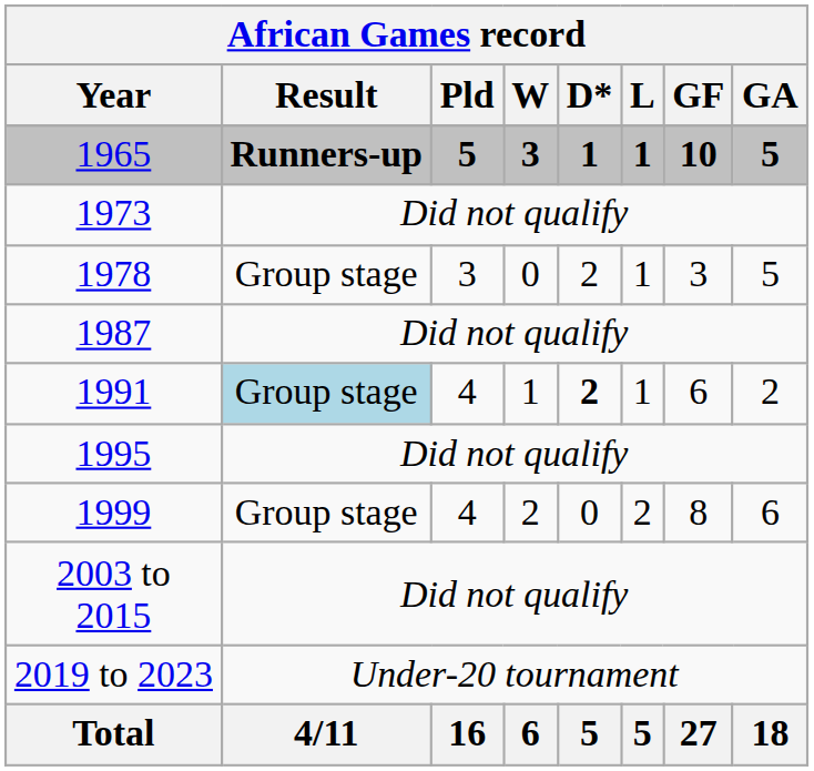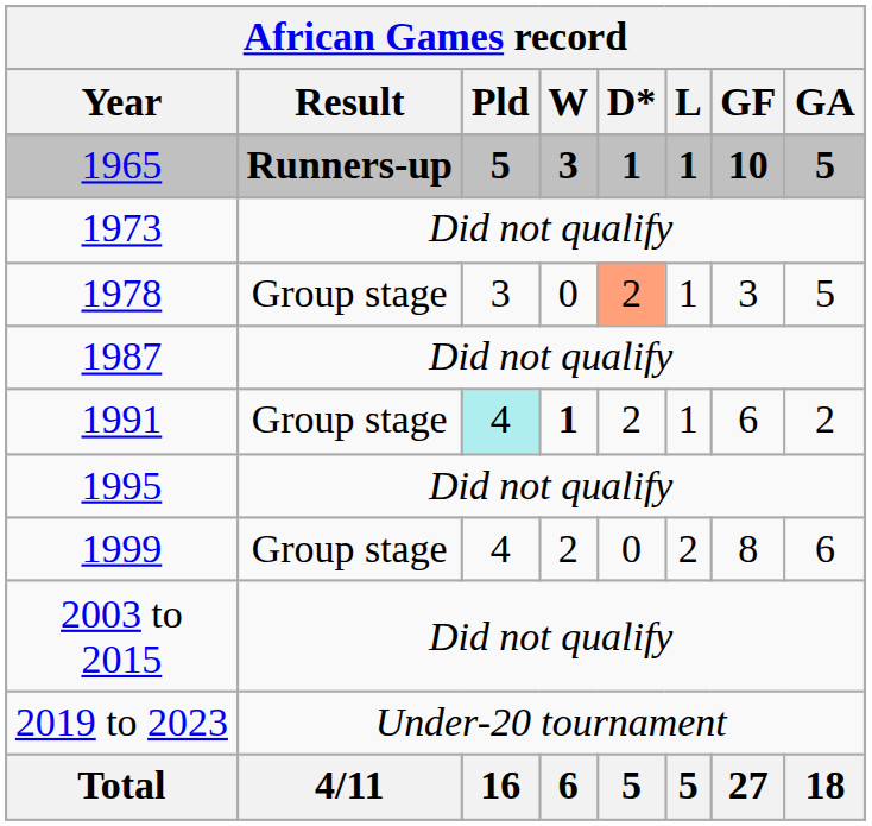 <table class="wikitable" style="text-align: center;">
 <tr>
 <th colspan=9><a href='#'>African Games</a> record</th>
 </tr>
 <tr>
 <th>Year</th>
 <th>Result</th>
 <th>Pld</th>
 <th>W</th>
 <th>D*</th>
 <th>L</th>
 <th>GF</th>
 <th>GA</th>
 </tr>
 <tr>
 </tr>
 <tr style="background:silver;">
 <td> <a href='#'>1965</a></td>
 <td><strong>Runners-up</strong></td>
 <td><strong>5</strong></td>
 <td><strong>3</strong></td>
 <td><strong>1</strong></td>
 <td><strong>1</strong></td>
 <td><strong>10</strong></td>
 <td><strong>5</strong></td>
 </tr>
 <tr>
 <td> <a href='#'>1973</a></td>
 <td colspan=7><em>Did not qualify</em></td>
 </tr>
 <tr>
 <td> <a href='#'>1978</a></td>
 <td>Group stage</td>
 <td>3</td>
 <td>0</td>
-<td>2</td>
+<td style="background: lightsalmon;">2</td>
 <td>1</td>
 <td>3</td>
 <td>5</td>
 </tr>
 <tr>
 <td> <a href='#'>1987</a></td>
 <td colspan=7><em>Did not qualify</em></td>
 </tr>
 <tr>
 <td> <a href='#'>1991</a></td>
-<td style="background: lightblue;">Group stage</td>
-<td>4</td>
-<td>1</td>
-<td><strong>2</strong></td>
+<td>Group stage</td>
+<td style="background: paleturquoise;">4</td>
+<td><strong>1</strong></td>
+<td>2</td>
 <td>1</td>
 <td>6</td>
 <td>2</td>
 </tr>
 <tr>
 <td> <a href='#'>1995</a></td>
 <td colspan=7><em>Did not qualify</em></td>
 </tr>
 <tr>
 <td> <a href='#'>1999</a></td>
 <td>Group stage</td>
 <td>4</td>
 <td>2</td>
 <td>0</td>
 <td>2</td>
 <td>8</td>
 <td>6</td>
 </tr>
 <tr>
 <td> <a href='#'>2003</a> to<br> <a href='#'>2015</a></td>
 <td colspan=7><em>Did not qualify</em></td>
 </tr>
 <tr>
 <td> <a href='#'>2019</a> to  <a href='#'>2023</a></td>
 <td colspan=7><em>Under-20 tournament</em></td>
 </tr>
 <tr>
 <th>Total</th>
 <th>4/11</th>
 <th>16</th>
 <th>6</th>
 <th>5</th>
 <th>5</th>
 <th>27</th>
 <th>18</th>
 </tr>
 </table>
